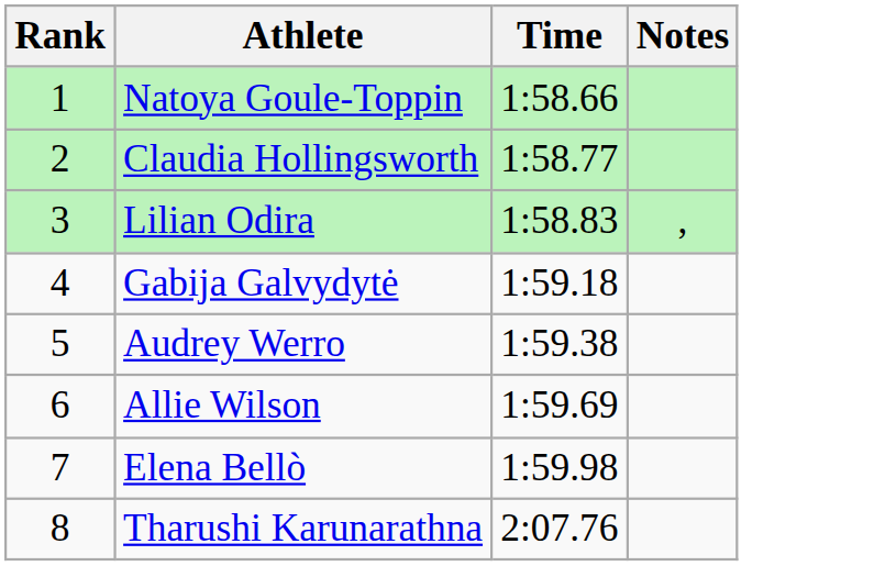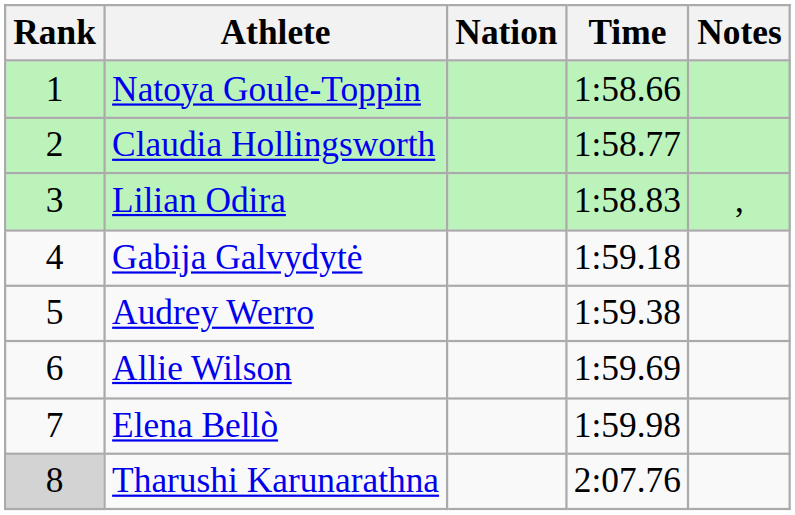 <table class="wikitable sortable" style="text-align:center;">
 <tr>
 <th>Rank</th>
 <th>Athlete</th>
+<th>Nation</th>
 <th>Time</th>
 <th>Notes</th>
 </tr>
 <tr bgcolor=bbf3bb>
 <td>1</td>
 <td align=left><a href='#'>Natoya Goule-Toppin</a></td>
+<td align=left></td>
 <td>1:58.66</td>
 <td></td>
 </tr>
 <tr bgcolor=bbf3bb>
 <td>2</td>
 <td align=left><a href='#'>Claudia Hollingsworth</a></td>
+<td align=left></td>
 <td>1:58.77</td>
 <td></td>
 </tr>
 <tr bgcolor=bbf3bb>
 <td>3</td>
 <td align=left><a href='#'>Lilian Odira</a></td>
+<td align=left></td>
 <td>1:58.83</td>
 <td>, </td>
 </tr>
 <tr>
 <td>4</td>
 <td align=left><a href='#'>Gabija Galvydytė</a></td>
+<td align=left></td>
 <td>1:59.18</td>
 <td></td>
 </tr>
 <tr>
 <td>5</td>
 <td align=left><a href='#'>Audrey Werro</a></td>
+<td align=left></td>
 <td>1:59.38</td>
 <td></td>
 </tr>
 <tr>
 <td>6</td>
 <td align=left><a href='#'>Allie Wilson</a></td>
+<td align=left></td>
 <td>1:59.69</td>
 <td></td>
 </tr>
 <tr>
 <td>7</td>
 <td align=left><a href='#'>Elena Bellò</a></td>
+<td align=left></td>
 <td>1:59.98</td>
 <td></td>
 </tr>
 <tr>
-<td>8</td>
+<td style="background: lightgrey;">8</td>
 <td align=left><a href='#'>Tharushi Karunarathna</a></td>
+<td align=left></td>
 <td>2:07.76</td>
 <td></td>
 </tr>
 </table>
